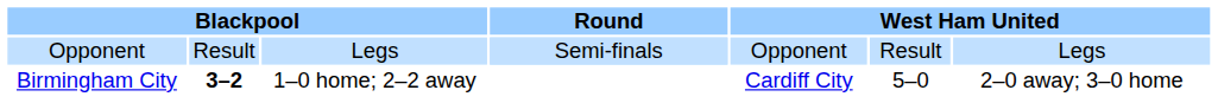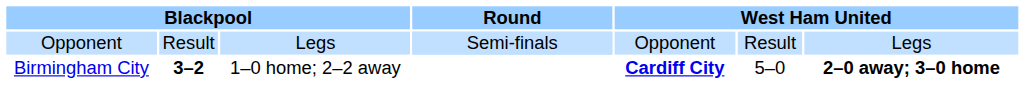 <table width="100%" bgcolor=white>
 <tr valign=top bgcolor=#99ccff>
 <th colspan=3 style="width:40%"><strong>Blackpool</strong></th>
 <th width=20%><strong>Round</strong></th>
 <th colspan=3 style="width:40%"><strong>West Ham United</strong></th>
 </tr>
 <tr valign=top align="center" bgcolor=#c1e0ff>
 <td>Opponent</td>
 <td>Result</td>
 <td>Legs</td>
 <td bgcolor=#c1e0ff>Semi-finals</td>
 <td>Opponent</td>
 <td>Result</td>
 <td>Legs</td>
 </tr>
 <tr align="center">
 <td><a href='#'>Birmingham City</a></td>
 <td><strong>3–2</strong></td>
 <td>1–0 home; 2–2 away</td>
 <td></td>
-<td><a href='#'>Cardiff City</a></td>
+<td><strong><a href='#'>Cardiff City</a></strong></td>
 <td>5–0</td>
-<td>2–0 away; 3–0 home</td>
+<td><strong>2–0 away; 3–0 home</strong></td>
 </tr>
 </table>
